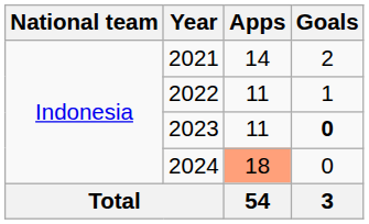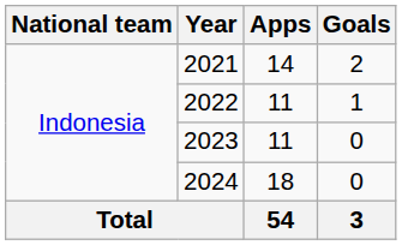 <table class="wikitable" style="text-align:center">
 <tr>
 <th>National team</th>
 <th>Year</th>
 <th>Apps</th>
 <th>Goals</th>
 </tr>
 <tr>
 <td rowspan=4><a href='#'>Indonesia</a></td>
 <td>2021</td>
 <td>14</td>
 <td>2</td>
 </tr>
 <tr>
 <td>2022</td>
 <td>11</td>
 <td>1</td>
 </tr>
 <tr>
 <td>2023</td>
 <td>11</td>
-<td><strong>0</strong></td>
+<td>0</td>
 </tr>
 <tr>
 <td>2024</td>
-<td style="background: lightsalmon;">18</td>
+<td>18</td>
 <td>0</td>
 </tr>
 <tr>
 <th colspan=2>Total</th>
 <th>54</th>
 <th>3</th>
 </tr>
 </table>
